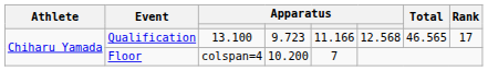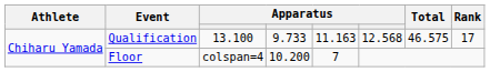 <table class="wikitable" style="font-size:90%">
 <tr>
 <th rowspan=2>Athlete</th>
 <th rowspan=2>Event</th>
 <th colspan =4>Apparatus</th>
 <th rowspan=2>Total</th>
 <th rowspan=2>Rank</th>
 </tr>
 <tr style="font-size:95%">
 <th></th>
 <th></th>
 <th></th>
 <th></th>
 </tr>
 <tr align=center>
 <td align=left rowspan=2><a href='#'>Chiharu Yamada</a></td>
 <td align=left><a href='#'>Qualification</a></td>
 <td>13.100</td>
-<td>9.723</td>
-<td>11.166</td>
+<td>9.733</td>
+<td>11.163</td>
 <td>12.568</td>
-<td>46.565</td>
+<td>46.575</td>
 <td>17</td>
 </tr>
 <tr align=center>
 <td align=left><a href='#'>Floor</a></td>
 <td>colspan=4 </td>
 <td>10.200</td>
 <td>7</td>
 </tr>
 </table>
